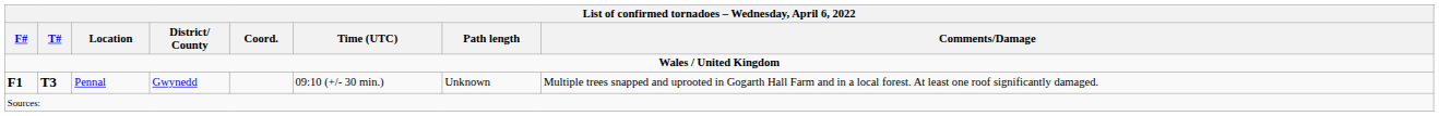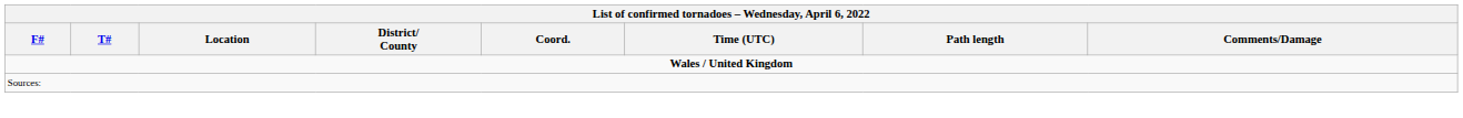 <table class="wikitable collapsible" width="100%">
 <tr>
 <th colspan="8">List of confirmed tornadoes – Wednesday, April 6, 2022</th>
 </tr>
 <tr>
 <th><a href='#'>F#</a></th>
 <th><a href='#'>T#</a></th>
 <th>Location</th>
 <th>District/<br>County</th>
 <th>Coord.</th>
 <th>Time (UTC)</th>
 <th>Path length</th>
 <th>Comments/Damage</th>
 </tr>
 <tr>
 <td colspan="8" align=center><strong>Wales / United Kingdom</strong></td>
 </tr>
 <tr>
-<td><big><strong>F1</strong></big></td>
-<td><big><strong>T3</strong></big></td>
-<td><a href='#'>Pennal</a></td>
-<td><a href='#'>Gwynedd</a></td>
-<td></td>
-<td>09:10 (+/- 30 min.)</td>
-<td>Unknown</td>
-<td>Multiple trees snapped and uprooted in Gogarth Hall Farm and in a local forest. At least one roof significantly damaged.</td>
-</tr>
-<tr>
 <td colspan="8"><small>Sources:  </small></td>
 </tr>
 </table>
